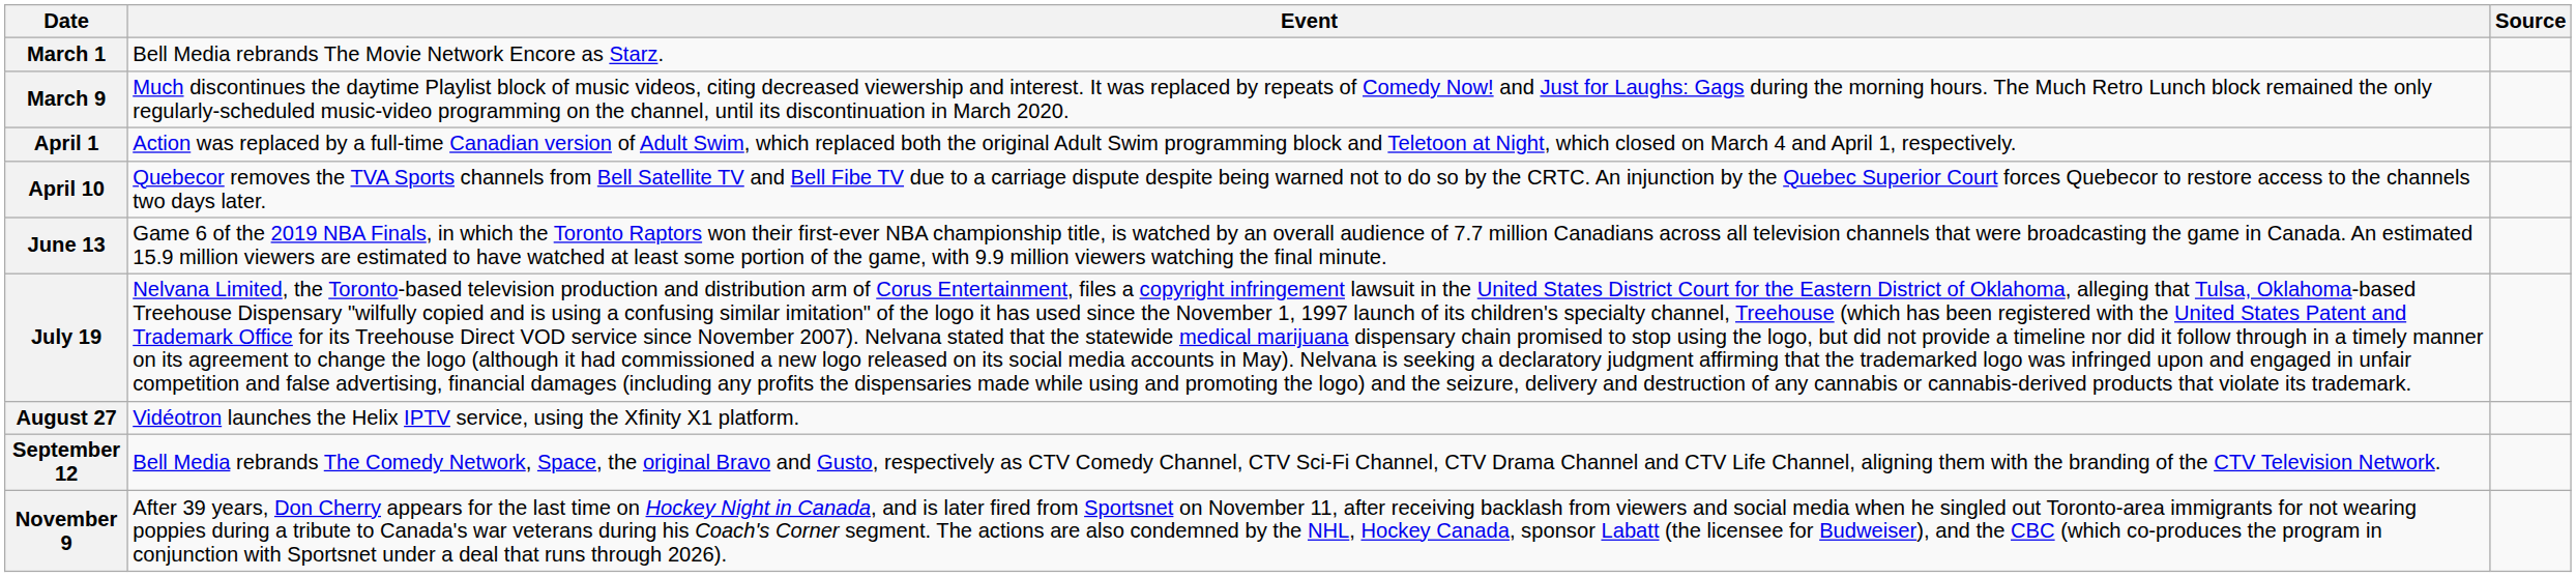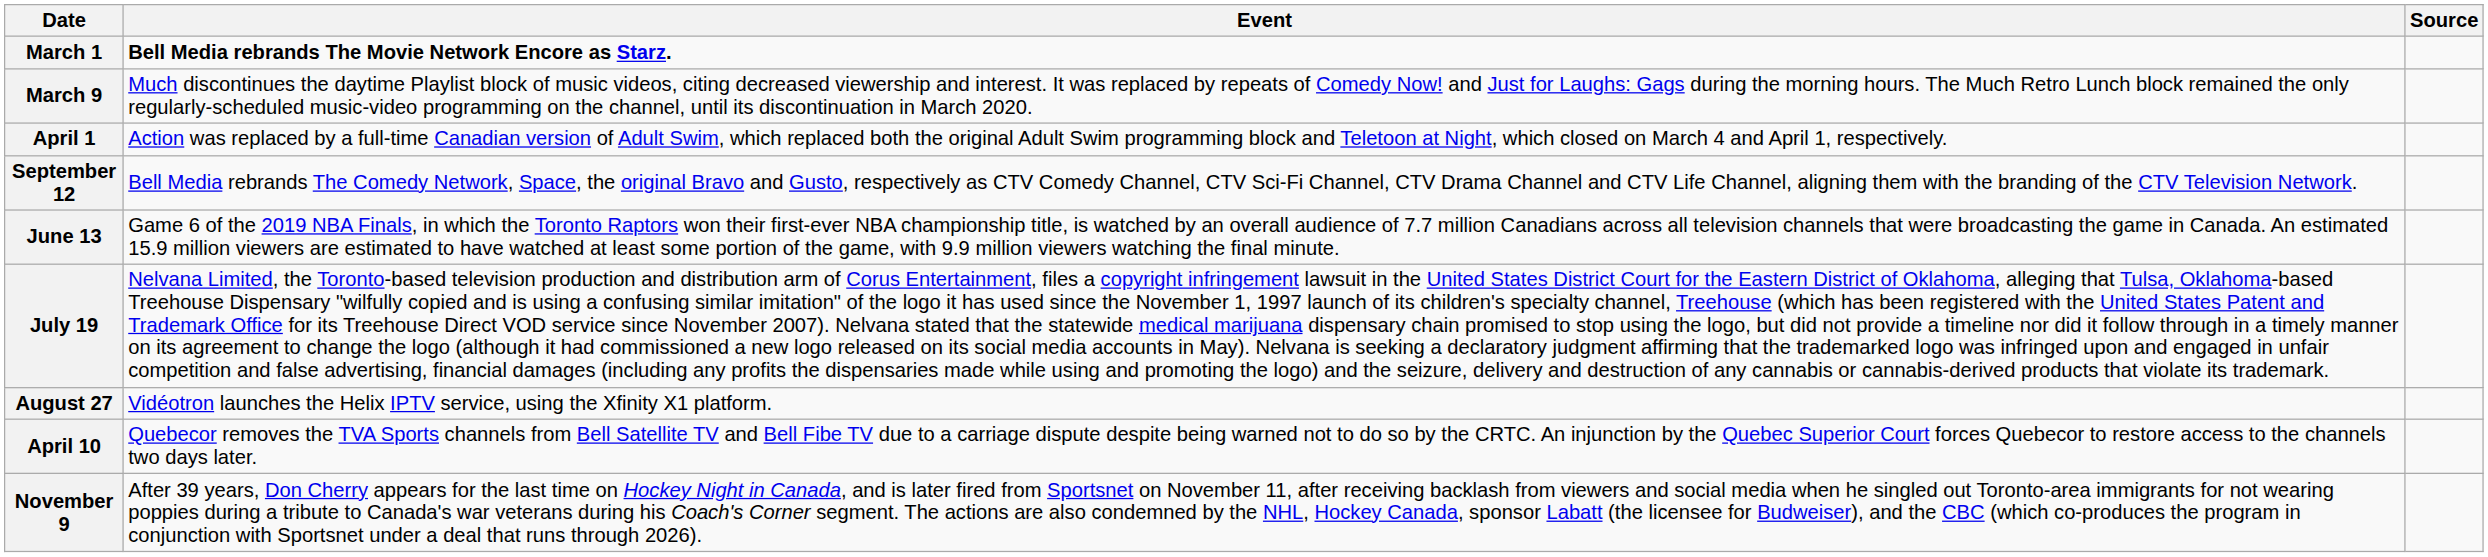 <table class="wikitable">
 <tr>
 <th>Date</th>
 <th>Event</th>
 <th>Source</th>
 </tr>
 <tr>
 <th>March 1</th>
-<td>Bell Media rebrands The Movie Network Encore as <a href='#'>Starz</a>.</td>
+<td><strong>Bell Media rebrands The Movie Network Encore as <a href='#'>Starz</a>.</strong></td>
 <td></td>
 </tr>
 <tr>
 <th>March 9</th>
 <td><a href='#'>Much</a> discontinues the daytime Playlist block of music videos, citing decreased viewership and interest. It was replaced by repeats of <a href='#'>Comedy Now!</a> and <a href='#'>Just for Laughs: Gags</a> during the morning hours. The Much Retro Lunch block remained the only regularly-scheduled music-video programming on the channel, until its discontinuation in March 2020.</td>
 <td></td>
 </tr>
 <tr>
 <th>April 1</th>
 <td><a href='#'>Action</a> was replaced by a full-time <a href='#'>Canadian version</a> of <a href='#'>Adult Swim</a>, which replaced both the original Adult Swim programming block and <a href='#'>Teletoon at Night</a>, which closed on March 4 and April 1, respectively.</td>
 </tr>
 <tr>
-<th>April 10</th>
-<td><a href='#'>Quebecor</a> removes the <a href='#'>TVA Sports</a> channels from <a href='#'>Bell Satellite TV</a> and <a href='#'>Bell Fibe TV</a> due to a carriage dispute despite being warned not to do so by the CRTC. An injunction by the <a href='#'>Quebec Superior Court</a> forces Quebecor to restore access to the channels two days later.</td>
+<th>September 12</th>
+<td><a href='#'>Bell Media</a> rebrands <a href='#'>The Comedy Network</a>, <a href='#'>Space</a>, the <a href='#'>original Bravo</a> and <a href='#'>Gusto</a>, respectively as CTV Comedy Channel, CTV Sci-Fi Channel, CTV Drama Channel and CTV Life Channel, aligning them with the branding of the <a href='#'>CTV Television Network</a>.</td>
 <td></td>
 </tr>
 <tr>
 <th>June 13</th>
 <td>Game 6 of the <a href='#'>2019 NBA Finals</a>, in which the <a href='#'>Toronto Raptors</a> won their first-ever NBA championship title, is watched by an overall audience of 7.7 million Canadians across all television channels that were broadcasting the game in Canada. An estimated 15.9 million viewers are estimated to have watched at least some portion of the game, with 9.9 million viewers watching the final minute.</td>
 <td></td>
 </tr>
 <tr>
 <th>July 19</th>
 <td><a href='#'>Nelvana Limited</a>, the <a href='#'>Toronto</a>-based television production and distribution arm of <a href='#'>Corus Entertainment</a>, files a <a href='#'>copyright infringement</a> lawsuit in the <a href='#'>United States District Court for the Eastern District of Oklahoma</a>, alleging that <a href='#'>Tulsa, Oklahoma</a>-based Treehouse Dispensary "wilfully copied and is using a confusing similar imitation" of the logo it has used since the November 1, 1997 launch of its children's specialty channel, <a href='#'>Treehouse</a> (which has been registered with the <a href='#'>United States Patent and Trademark Office</a> for its Treehouse Direct VOD service since November 2007). Nelvana stated that the statewide <a href='#'>medical marijuana</a> dispensary chain promised to stop using the logo, but did not provide a timeline nor did it follow through in a timely manner on its agreement to change the logo (although it had commissioned a new logo released on its social media accounts in May). Nelvana is seeking a declaratory judgment affirming that the trademarked logo was infringed upon and engaged in unfair competition and false advertising, financial damages (including any profits the dispensaries made while using and promoting the logo) and the seizure, delivery and destruction of any cannabis or cannabis-derived products that violate its trademark.</td>
 <td></td>
 </tr>
 <tr>
 <th>August 27</th>
 <td><a href='#'>Vidéotron</a> launches the Helix <a href='#'>IPTV</a> service, using the Xfinity X1 platform.</td>
 <td></td>
 </tr>
 <tr>
-<th>September 12</th>
-<td><a href='#'>Bell Media</a> rebrands <a href='#'>The Comedy Network</a>, <a href='#'>Space</a>, the <a href='#'>original Bravo</a> and <a href='#'>Gusto</a>, respectively as CTV Comedy Channel, CTV Sci-Fi Channel, CTV Drama Channel and CTV Life Channel, aligning them with the branding of the <a href='#'>CTV Television Network</a>.</td>
+<th>April 10</th>
+<td><a href='#'>Quebecor</a> removes the <a href='#'>TVA Sports</a> channels from <a href='#'>Bell Satellite TV</a> and <a href='#'>Bell Fibe TV</a> due to a carriage dispute despite being warned not to do so by the CRTC. An injunction by the <a href='#'>Quebec Superior Court</a> forces Quebecor to restore access to the channels two days later.</td>
 <td></td>
 </tr>
 <tr>
 <th>November 9</th>
 <td>After 39 years, <a href='#'>Don Cherry</a> appears for the last time on <em><a href='#'>Hockey Night in Canada</a></em>, and is later fired from <a href='#'>Sportsnet</a> on November 11, after receiving backlash from viewers and social media when he singled out Toronto-area immigrants for not wearing poppies during a tribute to Canada's war veterans during his <em>Coach's Corner</em> segment. The actions are also condemned by the <a href='#'>NHL</a>, <a href='#'>Hockey Canada</a>, sponsor <a href='#'>Labatt</a> (the licensee for <a href='#'>Budweiser</a>), and the <a href='#'>CBC</a> (which co-produces the program in conjunction with Sportsnet under a deal that runs through 2026).</td>
 <td></td>
 </tr>
 </table>
